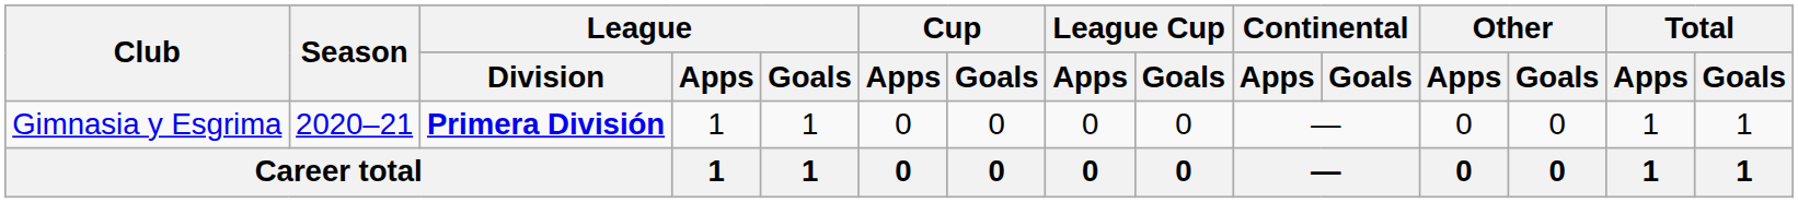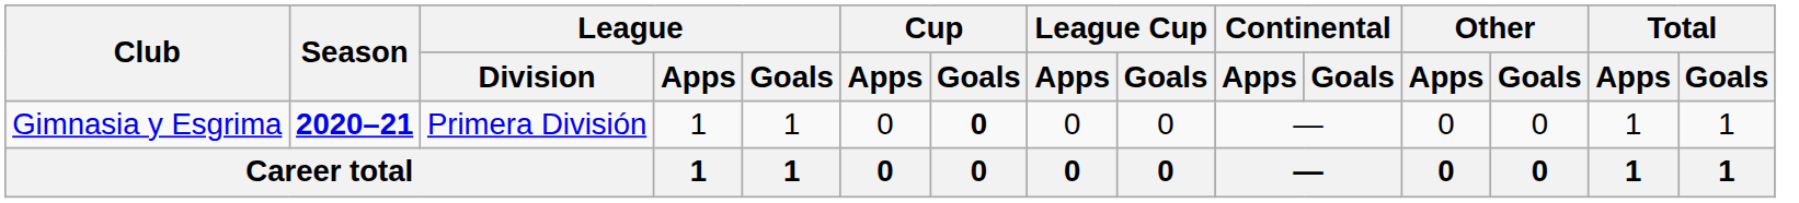 <table class="wikitable" style="text-align:center">
 <tr>
 <th rowspan="2">Club</th>
 <th rowspan="2">Season</th>
 <th colspan="3">League</th>
 <th colspan="2">Cup</th>
 <th colspan="2">League Cup</th>
 <th colspan="2">Continental</th>
 <th colspan="2">Other</th>
 <th colspan="2">Total</th>
 </tr>
 <tr>
 <th>Division</th>
 <th>Apps</th>
 <th>Goals</th>
 <th>Apps</th>
 <th>Goals</th>
 <th>Apps</th>
 <th>Goals</th>
 <th>Apps</th>
 <th>Goals</th>
 <th>Apps</th>
 <th>Goals</th>
 <th>Apps</th>
 <th>Goals</th>
 </tr>
 <tr>
 <td rowspan="1"><a href='#'>Gimnasia y Esgrima</a></td>
-<td><a href='#'>2020–21</a></td>
-<td rowspan="1"><strong><a href='#'>Primera División</a></strong></td>
+<td><strong><a href='#'>2020–21</a></strong></td>
+<td rowspan="1"><a href='#'>Primera División</a></td>
 <td>1</td>
 <td>1</td>
 <td>0</td>
-<td>0</td>
+<td><strong>0</strong></td>
 <td>0</td>
 <td>0</td>
 <td colspan="2">—</td>
 <td>0</td>
 <td>0</td>
 <td>1</td>
 <td>1</td>
 </tr>
 <tr>
 <th colspan="3">Career total</th>
 <th>1</th>
 <th>1</th>
 <th>0</th>
 <th>0</th>
 <th>0</th>
 <th>0</th>
 <th colspan="2">—</th>
 <th>0</th>
 <th>0</th>
 <th>1</th>
 <th>1</th>
 </tr>
 </table>
